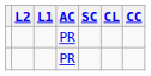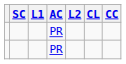 <table class="wikitable" style="text-align:center;">
 <tr>
 <th></th>
-<th><a href='#'>L2</a></th>
+<th><a href='#'>SC</a></th>
 <th><a href='#'>L1</a></th>
 <th><a href='#'>AC</a></th>
-<th><a href='#'>SC</a></th>
+<th><a href='#'>L2</a></th>
 <th><a href='#'>CL</a></th>
 <th><a href='#'>CC</a></th>
 </tr>
 <tr>
 <td></td>
 <td></td>
 <td><a href='#'></a></td>
 <td><a href='#'>PR</a></td>
 <td></td>
 <td></td>
 <td></td>
 </tr>
 <tr>
 <td></td>
-<td><a href='#'></a></td>
+<td></td>
 <td></td>
 <td><a href='#'>PR</a></td>
-<td></td>
+<td><a href='#'></a></td>
 <td></td>
 <td></td>
 </tr>
 </table>
